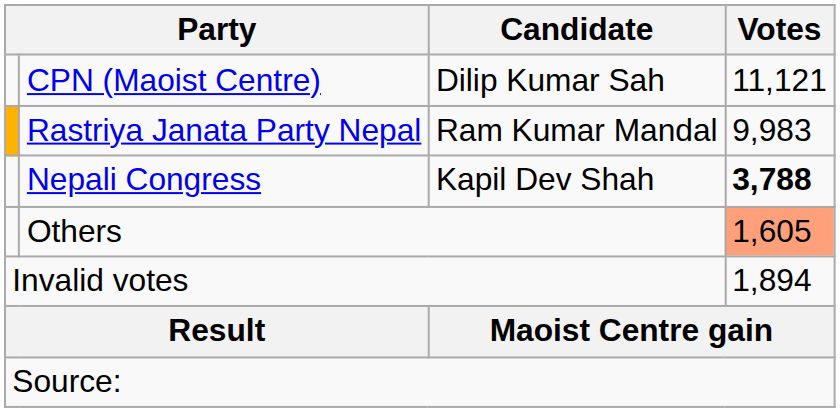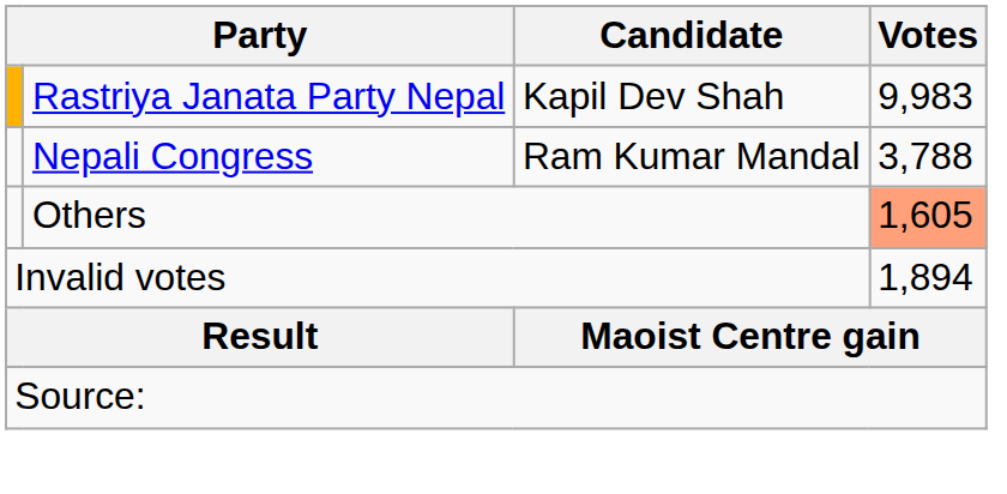 <table class="wikitable">
 <tr>
 <th colspan="2">Party</th>
 <th>Candidate</th>
 <th>Votes</th>
 </tr>
 <tr>
-<td style="background-color:"></td>
-<td><a href='#'>CPN (Maoist Centre)</a></td>
-<td>Dilip Kumar Sah</td>
-<td>11,121</td>
-</tr>
-<tr>
 <td style="background-color:#ffb300"></td>
 <td><a href='#'>Rastriya Janata Party Nepal</a></td>
-<td>Ram Kumar Mandal</td>
+<td>Kapil Dev Shah</td>
 <td>9,983</td>
 </tr>
 <tr>
 <td style="background-color:"></td>
 <td><a href='#'>Nepali Congress</a></td>
-<td>Kapil Dev Shah</td>
-<td><strong>3,788</strong></td>
+<td>Ram Kumar Mandal</td>
+<td>3,788</td>
 </tr>
 <tr>
 <td></td>
 <td colspan="2">Others</td>
 <td style="background: lightsalmon;">1,605</td>
 </tr>
 <tr>
 <td colspan="3">Invalid votes</td>
 <td>1,894</td>
 </tr>
 <tr>
 <th colspan="2">Result</th>
 <th colspan="2">Maoist Centre gain</th>
 </tr>
 <tr>
 <td colspan="4">Source: </td>
 </tr>
 </table>
